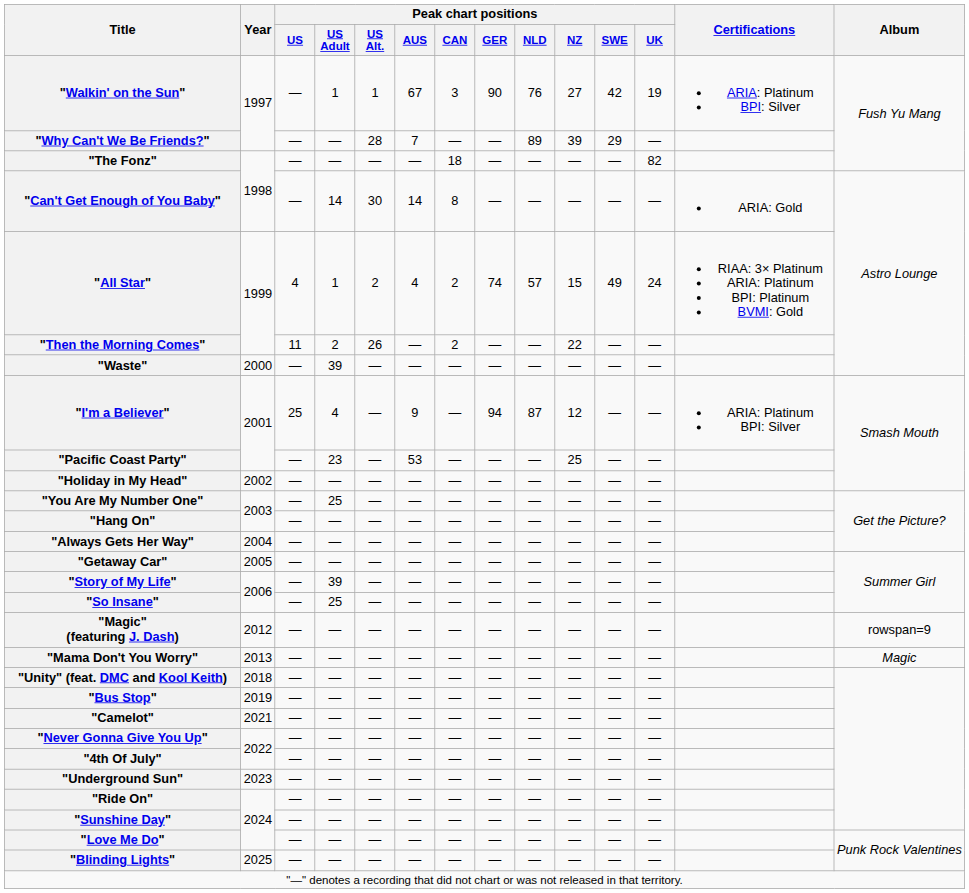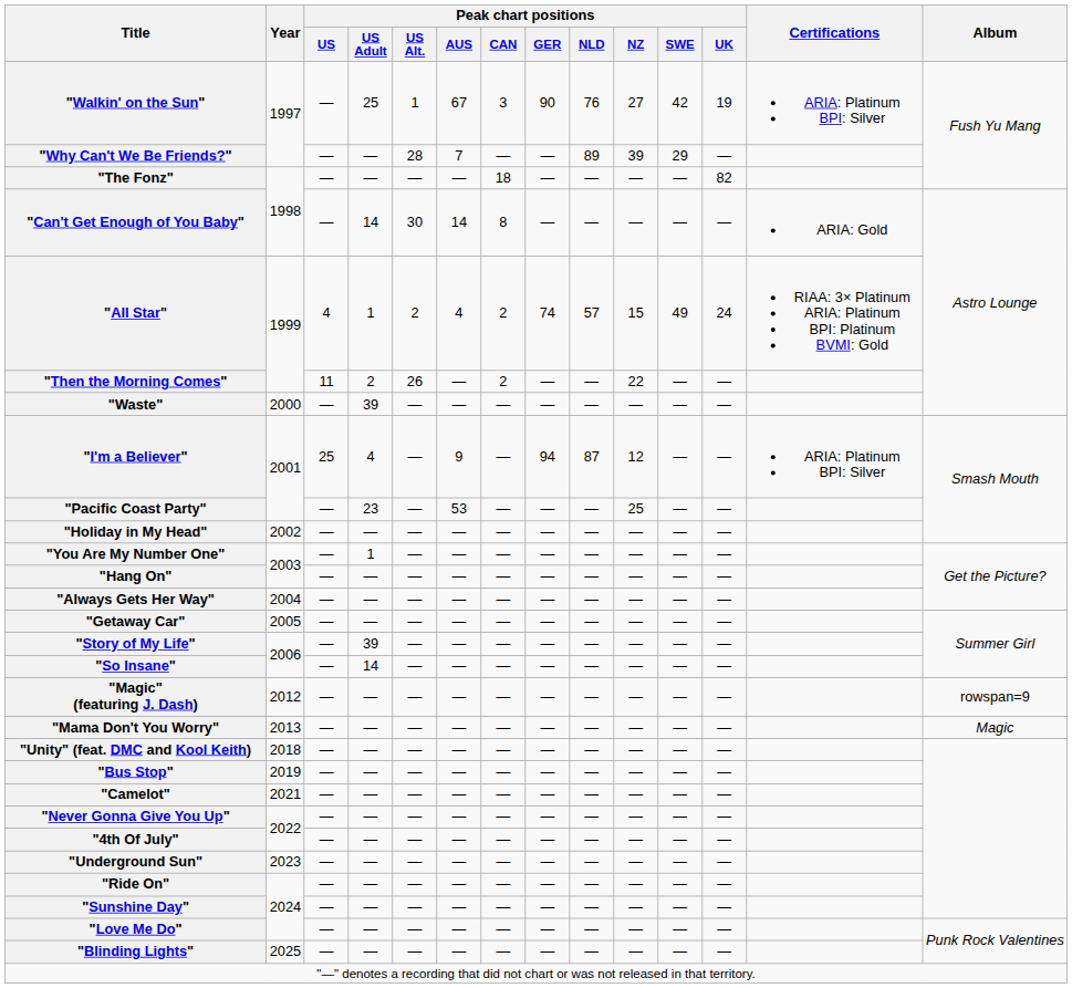 <table class="wikitable plainrowheaders" style="text-align:center;">
 <tr>
 <th scope="col" rowspan="2" style="width:18em;">Title</th>
 <th scope="col" rowspan="2">Year</th>
 <th scope="col" colspan="10">Peak chart positions</th>
 <th scope="col" rowspan="2" style="width:12em;"><a href='#'>Certifications</a></th>
 <th scope="col" rowspan="2">Album</th>
 </tr>
 <tr>
 <th scope="col" style="width:3em;font-size:90%;"><a href='#'>US</a><br></th>
 <th scope="col" style="width:3em;font-size:90%;"><a href='#'>US<br>Adult</a><br></th>
 <th scope="col" style="width:3em;font-size:90%;"><a href='#'>US<br>Alt.</a><br></th>
 <th scope="col" style="width:3em;font-size:90%;"><a href='#'>AUS</a><br></th>
 <th scope="col" style="width:3em;font-size:90%;"><a href='#'>CAN</a><br></th>
 <th scope="col" style="width:3em;font-size:90%;"><a href='#'>GER</a><br></th>
 <th scope="col" style="width:3em;font-size:90%;"><a href='#'>NLD</a><br></th>
 <th scope="col" style="width:3em;font-size:90%;"><a href='#'>NZ</a><br></th>
 <th scope="col" style="width:3em;font-size:90%;"><a href='#'>SWE</a><br></th>
 <th scope="col" style="width:3em;font-size:90%;"><a href='#'>UK</a><br></th>
 </tr>
 <tr>
 <th scope="row">"<a href='#'>Walkin' on the Sun</a>"</th>
 <td rowspan="2">1997</td>
 <td>—</td>
-<td>1</td>
+<td>25</td>
 <td>1</td>
 <td>67</td>
 <td>3</td>
 <td>90</td>
 <td>76</td>
 <td>27</td>
 <td>42</td>
 <td>19</td>
 <td><br><ul><li><a href='#'>ARIA</a>: Platinum</li><li><a href='#'>BPI</a>: Silver</li></ul></td>
 <td rowspan="3"><em>Fush Yu Mang</em></td>
 </tr>
 <tr>
 <th scope="row">"<a href='#'>Why Can't We Be Friends?</a>"</th>
 <td>—</td>
 <td>—</td>
 <td>28</td>
 <td>7</td>
 <td>—</td>
 <td>—</td>
 <td>89</td>
 <td>39</td>
 <td>29</td>
 <td>—</td>
 <td></td>
 </tr>
 <tr>
 <th scope="row">"The Fonz"</th>
 <td rowspan="2">1998</td>
 <td>—</td>
 <td>—</td>
 <td>—</td>
 <td>—</td>
 <td>18</td>
 <td>—</td>
 <td>—</td>
 <td>—</td>
 <td>—</td>
 <td>82</td>
 <td></td>
 </tr>
 <tr>
 <th scope="row">"<a href='#'>Can't Get Enough of You Baby</a>"</th>
 <td>—</td>
 <td>14</td>
 <td>30</td>
 <td>14</td>
 <td>8</td>
 <td>—</td>
 <td>—</td>
 <td>—</td>
 <td>—</td>
 <td>—</td>
 <td><br><ul><li>ARIA: Gold</li></ul></td>
 <td rowspan="4"><em>Astro Lounge</em></td>
 </tr>
 <tr>
 <th scope="row">"<a href='#'>All Star</a>"</th>
 <td rowspan="2">1999</td>
 <td>4</td>
 <td>1</td>
 <td>2</td>
 <td>4</td>
 <td>2</td>
 <td>74</td>
 <td>57</td>
 <td>15</td>
 <td>49</td>
 <td>24</td>
 <td><br><ul><li>RIAA: 3× Platinum</li><li>ARIA: Platinum</li><li>BPI: Platinum</li><li><a href='#'>BVMI</a>: Gold</li></ul></td>
 </tr>
 <tr>
 <th scope="row">"<a href='#'>Then the Morning Comes</a>"</th>
 <td>11</td>
 <td>2</td>
 <td>26</td>
 <td>—</td>
 <td>2</td>
 <td>—</td>
 <td>—</td>
 <td>22</td>
 <td>—</td>
 <td>—</td>
 <td></td>
 </tr>
 <tr>
 <th scope="row">"Waste"</th>
 <td>2000</td>
 <td>—</td>
 <td>39</td>
 <td>—</td>
 <td>—</td>
 <td>—</td>
 <td>—</td>
 <td>—</td>
 <td>—</td>
 <td>—</td>
 <td>—</td>
 <td></td>
 </tr>
 <tr>
 <th scope="row">"<a href='#'>I'm a Believer</a>"</th>
 <td rowspan="2">2001</td>
 <td>25</td>
 <td>4</td>
 <td>—</td>
 <td>9</td>
 <td>—</td>
 <td>94</td>
 <td>87</td>
 <td>12</td>
 <td>—</td>
 <td>—</td>
 <td><br><ul><li>ARIA: Platinum</li><li>BPI: Silver</li></ul></td>
 <td rowspan="3"><em>Smash Mouth</em></td>
 </tr>
 <tr>
 <th scope="row">"Pacific Coast Party"</th>
 <td>—</td>
 <td>23</td>
 <td>—</td>
 <td>53</td>
 <td>—</td>
 <td>—</td>
 <td>—</td>
 <td>25</td>
 <td>—</td>
 <td>—</td>
 <td></td>
 </tr>
 <tr>
 <th scope="row">"Holiday in My Head"</th>
 <td>2002</td>
 <td>—</td>
 <td>—</td>
 <td>—</td>
 <td>—</td>
 <td>—</td>
 <td>—</td>
 <td>—</td>
 <td>—</td>
 <td>—</td>
 <td>—</td>
 <td></td>
 </tr>
 <tr>
 <th scope="row">"You Are My Number One"</th>
 <td rowspan="2">2003</td>
 <td>—</td>
-<td>25</td>
+<td>1</td>
 <td>—</td>
 <td>—</td>
 <td>—</td>
 <td>—</td>
 <td>—</td>
 <td>—</td>
 <td>—</td>
 <td>—</td>
 <td></td>
 <td rowspan="3"><em>Get the Picture?</em></td>
 </tr>
 <tr>
 <th scope="row">"Hang On"</th>
 <td>—</td>
 <td>—</td>
 <td>—</td>
 <td>—</td>
 <td>—</td>
 <td>—</td>
 <td>—</td>
 <td>—</td>
 <td>—</td>
 <td>—</td>
 <td></td>
 </tr>
 <tr>
 <th scope="row">"Always Gets Her Way"</th>
 <td>2004</td>
 <td>—</td>
 <td>—</td>
 <td>—</td>
 <td>—</td>
 <td>—</td>
 <td>—</td>
 <td>—</td>
 <td>—</td>
 <td>—</td>
 <td>—</td>
 <td></td>
 </tr>
 <tr>
 <th scope="row">"Getaway Car"</th>
 <td>2005</td>
 <td>—</td>
 <td>—</td>
 <td>—</td>
 <td>—</td>
 <td>—</td>
 <td>—</td>
 <td>—</td>
 <td>—</td>
 <td>—</td>
 <td>—</td>
 <td></td>
 <td rowspan="3"><em>Summer Girl</em></td>
 </tr>
 <tr>
 <th scope="row">"<a href='#'>Story of My Life</a>"</th>
 <td rowspan="2">2006</td>
 <td>—</td>
 <td>39</td>
 <td>—</td>
 <td>—</td>
 <td>—</td>
 <td>—</td>
 <td>—</td>
 <td>—</td>
 <td>—</td>
 <td>—</td>
 <td></td>
 </tr>
 <tr>
 <th scope="row">"<a href='#'>So Insane</a>"</th>
 <td>—</td>
-<td>25</td>
+<td>14</td>
 <td>—</td>
 <td>—</td>
 <td>—</td>
 <td>—</td>
 <td>—</td>
 <td>—</td>
 <td>—</td>
 <td>—</td>
 <td></td>
 </tr>
 <tr>
 <th scope="row">"Magic"<br><span>(featuring <a href='#'>J. Dash</a>)</span></th>
 <td>2012</td>
 <td>—</td>
 <td>—</td>
 <td>—</td>
 <td>—</td>
 <td>—</td>
 <td>—</td>
 <td>—</td>
 <td>—</td>
 <td>—</td>
 <td>—</td>
 <td></td>
 <td>rowspan=9 </td>
 </tr>
 <tr>
 <th scope="row">"Mama Don't You Worry"</th>
 <td>2013</td>
 <td>—</td>
 <td>—</td>
 <td>—</td>
 <td>—</td>
 <td>—</td>
 <td>—</td>
 <td>—</td>
 <td>—</td>
 <td>—</td>
 <td>—</td>
 <td></td>
 <td><em>Magic</em></td>
 </tr>
 <tr>
 <th scope="row">"Unity" <span>(feat. <a href='#'>DMC</a> and <a href='#'>Kool Keith</a>)</span></th>
 <td>2018</td>
 <td>—</td>
 <td>—</td>
 <td>—</td>
 <td>—</td>
 <td>—</td>
 <td>—</td>
 <td>—</td>
 <td>—</td>
 <td>—</td>
 <td>—</td>
 <td></td>
 </tr>
 <tr>
 <th scope="row">"<a href='#'>Bus Stop</a>"</th>
 <td>2019</td>
 <td>—</td>
 <td>—</td>
 <td>—</td>
 <td>—</td>
 <td>—</td>
 <td>—</td>
 <td>—</td>
 <td>—</td>
 <td>—</td>
 <td>—</td>
 <td></td>
 </tr>
 <tr>
 <th scope="row">"Camelot"<br> </th>
 <td>2021</td>
 <td>—</td>
 <td>—</td>
 <td>—</td>
 <td>—</td>
 <td>—</td>
 <td>—</td>
 <td>—</td>
 <td>—</td>
 <td>—</td>
 <td>—</td>
 <td></td>
 </tr>
 <tr>
 <th scope="row">"<a href='#'>Never Gonna Give You Up</a>"</th>
 <td rowspan="2">2022</td>
 <td>—</td>
 <td>—</td>
 <td>—</td>
 <td>—</td>
 <td>—</td>
 <td>—</td>
 <td>—</td>
 <td>—</td>
 <td>—</td>
 <td>—</td>
 <td></td>
 </tr>
 <tr>
 <th scope="row">"4th Of July"</th>
 <td>—</td>
 <td>—</td>
 <td>—</td>
 <td>—</td>
 <td>—</td>
 <td>—</td>
 <td>—</td>
 <td>—</td>
 <td>—</td>
 <td>—</td>
 <td></td>
 </tr>
 <tr>
 <th scope="row">"Underground Sun"</th>
 <td>2023</td>
 <td>—</td>
 <td>—</td>
 <td>—</td>
 <td>—</td>
 <td>—</td>
 <td>—</td>
 <td>—</td>
 <td>—</td>
 <td>—</td>
 <td>—</td>
 <td></td>
 </tr>
 <tr>
 <th scope="row">"Ride On"</th>
 <td rowspan="3">2024</td>
 <td>—</td>
 <td>—</td>
 <td>—</td>
 <td>—</td>
 <td>—</td>
 <td>—</td>
 <td>—</td>
 <td>—</td>
 <td>—</td>
 <td>—</td>
 <td></td>
 </tr>
 <tr>
 <th scope="row">"<a href='#'>Sunshine Day</a>"</th>
 <td>—</td>
 <td>—</td>
 <td>—</td>
 <td>—</td>
 <td>—</td>
 <td>—</td>
 <td>—</td>
 <td>—</td>
 <td>—</td>
 <td>—</td>
 <td></td>
 </tr>
 <tr>
 <th scope="row">"<a href='#'>Love Me Do</a>"</th>
 <td>—</td>
 <td>—</td>
 <td>—</td>
 <td>—</td>
 <td>—</td>
 <td>—</td>
 <td>—</td>
 <td>—</td>
 <td>—</td>
 <td>—</td>
 <td></td>
 <td rowspan="2"><em>Punk Rock Valentines</em></td>
 </tr>
 <tr>
 <th scope="row">"<a href='#'>Blinding Lights</a>"</th>
 <td>2025</td>
 <td>—</td>
 <td>—</td>
 <td>—</td>
 <td>—</td>
 <td>—</td>
 <td>—</td>
 <td>—</td>
 <td>—</td>
 <td>—</td>
 <td>—</td>
 <td></td>
 </tr>
 <tr>
 <td colspan="15" style="font-size:90%">"—" denotes a recording that did not chart or was not released in that territory.</td>
 </tr>
 </table>
